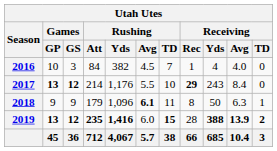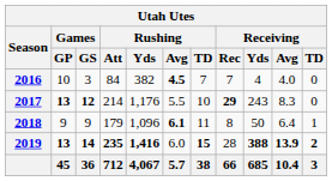 <table class="wikitable" style="text-align:center;">
 <tr>
 <th colspan="15">Utah Utes</th>
 </tr>
 <tr>
 <th rowspan="2">Season</th>
 <th colspan="2">Games</th>
 <th colspan="4">Rushing</th>
 <th colspan="4">Receiving</th>
 </tr>
 <tr>
 <th>GP</th>
 <th>GS</th>
 <th>Att</th>
 <th>Yds</th>
 <th>Avg</th>
 <th>TD</th>
 <th>Rec</th>
 <th>Yds</th>
 <th>Avg</th>
 <th>TD</th>
 </tr>
 <tr>
 <th><a href='#'>2016</a></th>
 <td>10</td>
 <td>3</td>
 <td>84</td>
 <td>382</td>
-<td>4.5</td>
+<td><strong>4.5</strong></td>
 <td>7</td>
-<td>1</td>
+<td>7</td>
 <td>4</td>
 <td>4.0</td>
 <td>0</td>
 </tr>
 <tr>
 <th><a href='#'>2017</a></th>
 <td><strong>13</strong></td>
 <td><strong>12</strong></td>
 <td>214</td>
 <td>1,176</td>
 <td>5.5</td>
 <td>10</td>
 <td><strong>29</strong></td>
 <td>243</td>
-<td>8.4</td>
+<td>8.3</td>
 <td>0</td>
 </tr>
 <tr>
 <th><a href='#'>2018</a></th>
 <td>9</td>
 <td>9</td>
 <td>179</td>
 <td>1,096</td>
 <td><strong>6.1</strong></td>
 <td>11</td>
 <td>8</td>
 <td>50</td>
-<td>6.3</td>
+<td>6.4</td>
 <td>1</td>
 </tr>
 <tr>
 <th><a href='#'>2019</a></th>
 <td><strong>13</strong></td>
-<td><strong>12</strong></td>
+<td><strong>14</strong></td>
 <td><strong>235</strong></td>
 <td><strong>1,416</strong></td>
 <td>6.0</td>
 <td><strong>15</strong></td>
 <td>28</td>
 <td><strong>388</strong></td>
 <td><strong>13.9</strong></td>
 <td><strong>2</strong></td>
 </tr>
 <tr>
 <th></th>
 <th>45</th>
 <th>36</th>
 <th>712</th>
 <th>4,067</th>
 <th>5.7</th>
 <th>38</th>
 <th>66</th>
 <th>685</th>
 <th>10.4</th>
 <th>3</th>
 </tr>
 </table>
